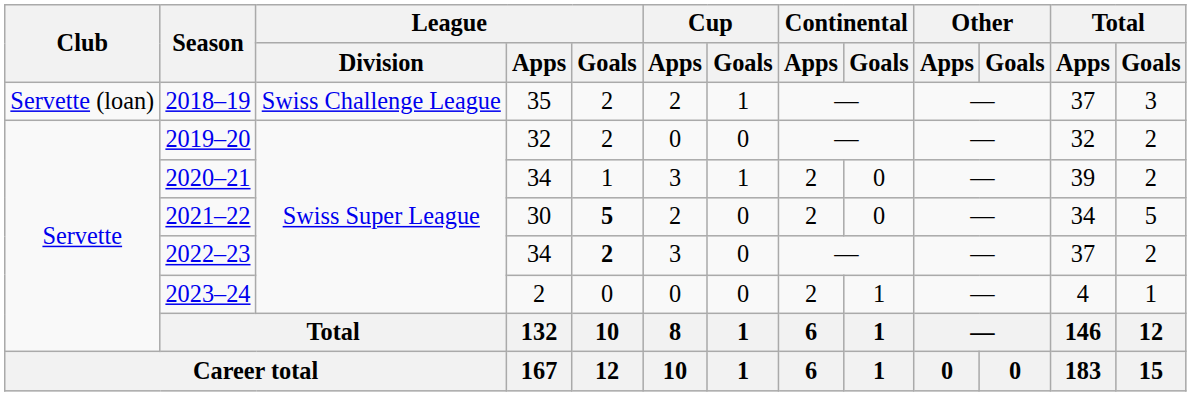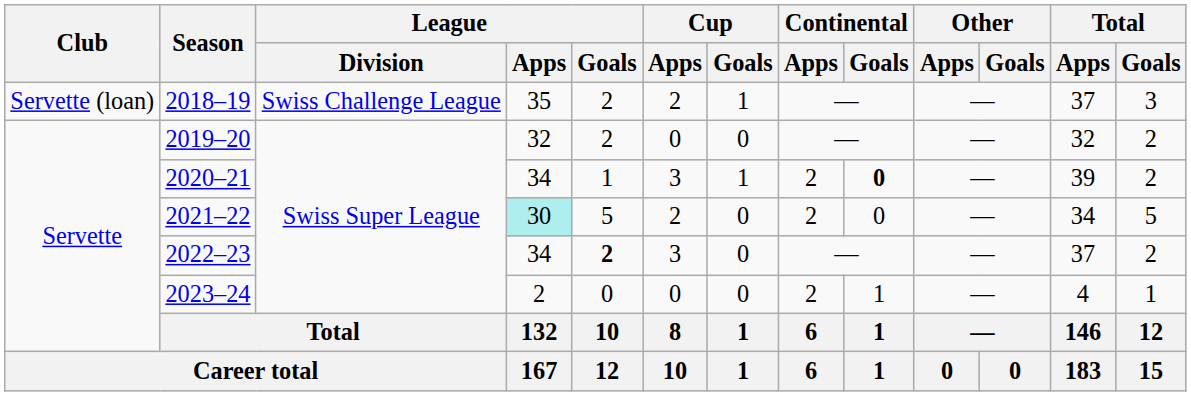 <table class="wikitable" style="text-align: center">
 <tr>
 <th rowspan="2">Club</th>
 <th rowspan="2">Season</th>
 <th colspan="3">League</th>
 <th colspan="2">Cup</th>
 <th colspan="2">Continental</th>
 <th colspan="2">Other</th>
 <th colspan="2">Total</th>
 </tr>
 <tr>
 <th>Division</th>
 <th>Apps</th>
 <th>Goals</th>
 <th>Apps</th>
 <th>Goals</th>
 <th>Apps</th>
 <th>Goals</th>
 <th>Apps</th>
 <th>Goals</th>
 <th>Apps</th>
 <th>Goals</th>
 </tr>
 <tr>
 <td><a href='#'>Servette</a> (loan)</td>
 <td><a href='#'>2018–19</a></td>
 <td><a href='#'>Swiss Challenge League</a></td>
 <td>35</td>
 <td>2</td>
 <td>2</td>
 <td>1</td>
 <td colspan="2">—</td>
 <td colspan="2">—</td>
 <td>37</td>
 <td>3</td>
 </tr>
 <tr>
 <td rowspan="6"><a href='#'>Servette</a></td>
 <td><a href='#'>2019–20</a></td>
 <td rowspan="5"><a href='#'>Swiss Super League</a></td>
 <td>32</td>
 <td>2</td>
 <td>0</td>
 <td>0</td>
 <td colspan="2">—</td>
 <td colspan="2">—</td>
 <td>32</td>
 <td>2</td>
 </tr>
 <tr>
 <td><a href='#'>2020–21</a></td>
 <td>34</td>
 <td>1</td>
 <td>3</td>
 <td>1</td>
 <td>2</td>
-<td>0</td>
+<td><strong>0</strong></td>
 <td colspan="2">—</td>
 <td>39</td>
 <td>2</td>
 </tr>
 <tr>
 <td><a href='#'>2021–22</a></td>
-<td>30</td>
-<td><strong>5</strong></td>
+<td style="background: paleturquoise;">30</td>
+<td>5</td>
 <td>2</td>
 <td>0</td>
 <td>2</td>
 <td>0</td>
 <td colspan="2">—</td>
 <td>34</td>
 <td>5</td>
 </tr>
 <tr>
 <td><a href='#'>2022–23</a></td>
 <td>34</td>
 <td><strong>2</strong></td>
 <td>3</td>
 <td>0</td>
 <td colspan="2">—</td>
 <td colspan="2">—</td>
 <td>37</td>
 <td>2</td>
 </tr>
 <tr>
 <td><a href='#'>2023–24</a></td>
 <td>2</td>
 <td>0</td>
 <td>0</td>
 <td>0</td>
 <td>2</td>
 <td>1</td>
 <td colspan="2">—</td>
 <td>4</td>
 <td>1</td>
 </tr>
 <tr>
 <th colspan="2">Total</th>
 <th>132</th>
 <th>10</th>
 <th>8</th>
 <th>1</th>
 <th>6</th>
 <th>1</th>
 <th colspan="2">—</th>
 <th>146</th>
 <th>12</th>
 </tr>
 <tr>
 <th colspan="3">Career total</th>
 <th>167</th>
 <th>12</th>
 <th>10</th>
 <th>1</th>
 <th>6</th>
 <th>1</th>
 <th>0</th>
 <th>0</th>
 <th>183</th>
 <th>15</th>
 </tr>
 </table>
